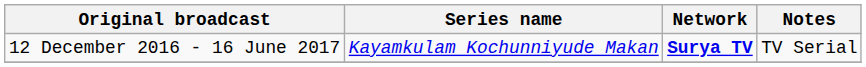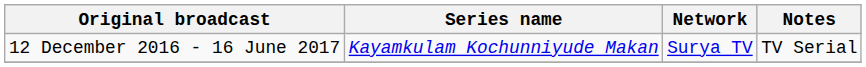 <table class="wikitable">
 <tr style="background:#ccc; text-align:center;">
 <th>Original broadcast</th>
 <th>Series name</th>
 <th>Network</th>
 <th>Notes</th>
 </tr>
 <tr>
 <td>12 December 2016 - 16 June 2017</td>
 <td><em><a href='#'>Kayamkulam Kochunniyude Makan</a> </em></td>
-<td><strong><a href='#'>Surya TV</a></strong></td>
+<td><a href='#'>Surya TV</a></td>
 <td>TV Serial</td>
 </tr>
 <tr>
 </tr>
 </table>
